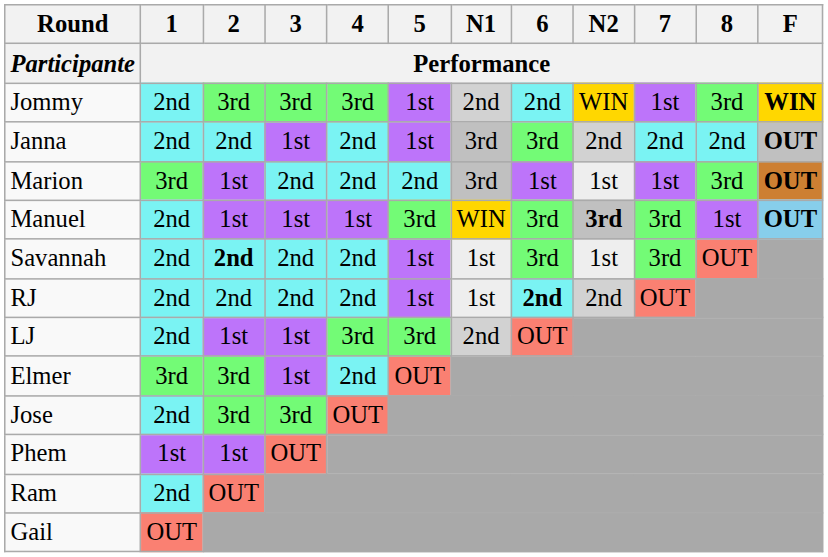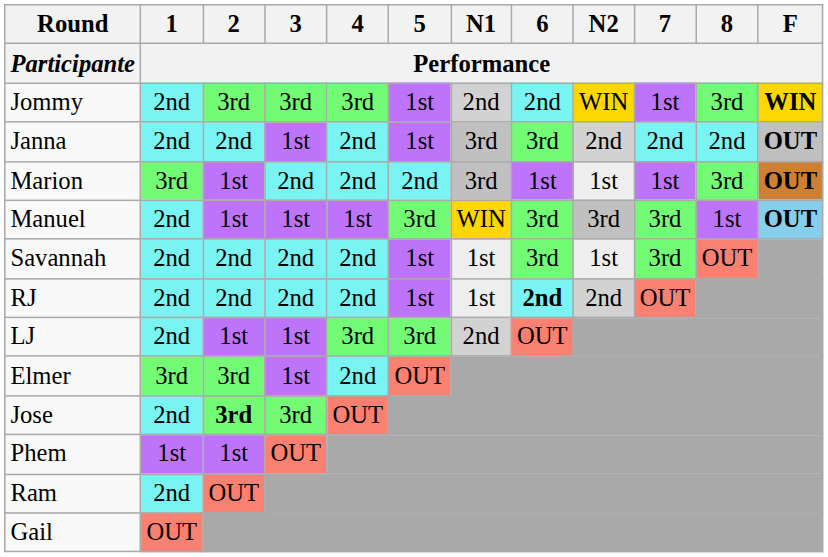 <table class="wikitable">
 <tr>
 <th>Round</th>
 <th>1</th>
 <th>2</th>
 <th>3</th>
 <th>4</th>
 <th>5</th>
 <th>N1</th>
 <th>6</th>
 <th>N2</th>
 <th>7</th>
 <th>8</th>
 <th>F</th>
 </tr>
 <tr>
 <th><em>Participante</em></th>
 <th colspan="11">Performance</th>
 </tr>
 <tr>
 <td>Jommy</td>
 <td style="background:#7AF3F3; text-align:center">2nd</td>
 <td style="background:#73FB76; text-align:center">3rd</td>
 <td style="background:#73FB76; text-align:center">3rd</td>
 <td style="background:#73FB76; text-align:center">3rd</td>
 <td style="background:#BD74FA; text-align:center">1st</td>
 <td style="background:#D2D2D2; text-align:center">2nd</td>
 <td style="background:#7AF3F3; text-align:center">2nd</td>
 <td style="background:gold; text-align:center">WIN</td>
 <td style="background:#BD74FA; text-align:center">1st</td>
 <td style="background:#73FB76; text-align:center">3rd</td>
 <td style="background:gold; text-align:center"><strong>WIN</strong></td>
 </tr>
 <tr>
 <td>Janna</td>
 <td style="background:#7AF3F3; text-align:center">2nd</td>
 <td style="background:#7AF3F3; text-align:center">2nd</td>
 <td style="background:#BD74FA; text-align:center">1st</td>
 <td style="background:#7AF3F3; text-align:center">2nd</td>
 <td style="background:#BD74FA; text-align:center">1st</td>
 <td style="background:silver; text-align:center">3rd</td>
 <td style="background:#73FB76; text-align:center">3rd</td>
 <td style="background:#D2D2D2; text-align:center">2nd</td>
 <td style="background:#7AF3F3; text-align:center">2nd</td>
 <td style="background:#7AF3F3; text-align:center">2nd</td>
 <td style="background:silver; text-align:center"><strong>OUT</strong></td>
 </tr>
 <tr>
 <td>Marion</td>
 <td style="background:#73FB76; text-align:center">3rd</td>
 <td style="background:#BD74FA; text-align:center">1st</td>
 <td style="background:#7AF3F3; text-align:center">2nd</td>
 <td style="background:#7AF3F3; text-align:center">2nd</td>
 <td style="background:#7AF3F3; text-align:center">2nd</td>
 <td style="background:silver; text-align:center">3rd</td>
 <td style="background:#BD74FA; text-align:center">1st</td>
 <td style="background:#eee; text-align:center;">1st</td>
 <td style="background:#BD74FA; text-align:center">1st</td>
 <td style="background:#73FB76; text-align:center">3rd</td>
 <td style="background:#CD7F32; text-align:center"><strong>OUT</strong></td>
 </tr>
 <tr>
 <td>Manuel</td>
 <td style="background:#7AF3F3; text-align:center">2nd</td>
 <td style="background:#BD74FA; text-align:center">1st</td>
 <td style="background:#BD74FA; text-align:center">1st</td>
 <td style="background:#BD74FA; text-align:center">1st</td>
 <td style="background:#73FB76; text-align:center">3rd</td>
 <td style="background:gold; text-align:center">WIN</td>
 <td style="background:#73FB76; text-align:center">3rd</td>
-<td style="background:silver; text-align:center"><strong>3rd</strong></td>
+<td style="background:silver; text-align:center">3rd</td>
 <td style="background:#73FB76; text-align:center">3rd</td>
 <td style="background:#BD74FA; text-align:center">1st</td>
 <td style="background:skyblue; text-align:center"><strong>OUT</strong></td>
 </tr>
 <tr>
 <td>Savannah</td>
 <td style="background:#7AF3F3; text-align:center">2nd</td>
-<td style="background:#7AF3F3; text-align:center"><strong>2nd</strong></td>
+<td style="background:#7AF3F3; text-align:center">2nd</td>
 <td style="background:#7AF3F3; text-align:center">2nd</td>
 <td style="background:#7AF3F3; text-align:center">2nd</td>
 <td style="background:#BD74FA; text-align:center">1st</td>
 <td style="background:#eee; text-align:center;">1st</td>
 <td style="background:#73FB76; text-align:center">3rd</td>
 <td style="background:#eee; text-align:center;">1st</td>
 <td style="background:#73FB76; text-align:center">3rd</td>
 <td style="background:salmon; text-align:center;">OUT</td>
 <td style="background:darkgrey; text-align:center;"> </td>
 </tr>
 <tr>
 <td>RJ</td>
 <td style="background:#7AF3F3; text-align:center">2nd</td>
 <td style="background:#7AF3F3; text-align:center">2nd</td>
 <td style="background:#7AF3F3; text-align:center">2nd</td>
 <td style="background:#7AF3F3; text-align:center">2nd</td>
 <td style="background:#BD74FA; text-align:center">1st</td>
 <td style="background:#eee; text-align:center;">1st</td>
 <td style="background:#7AF3F3; text-align:center"><strong>2nd</strong></td>
 <td style="background:#D2D2D2; text-align:center">2nd</td>
 <td style="background:salmon; text-align:center;">OUT</td>
 <td style="background:darkgrey; text-align:center;" colspan="3"> </td>
 </tr>
 <tr>
 <td>LJ</td>
 <td style="background:#7AF3F3; text-align:center">2nd</td>
 <td style="background:#BD74FA; text-align:center">1st</td>
 <td style="background:#BD74FA; text-align:center">1st</td>
 <td style="background:#73FB76; text-align:center">3rd</td>
 <td style="background:#73FB76; text-align:center">3rd</td>
 <td style="background:#D2D2D2; text-align:center">2nd</td>
 <td style="background:salmon; text-align:center;">OUT</td>
 <td style="background:darkgrey; text-align:center;" colspan="5"> </td>
 </tr>
 <tr>
 <td>Elmer</td>
 <td style="background:#73FB76; text-align:center">3rd</td>
 <td style="background:#73FB76; text-align:center">3rd</td>
 <td style="background:#BD74FA; text-align:center">1st</td>
 <td style="background:#7AF3F3; text-align:center">2nd</td>
 <td style="background:salmon; text-align:center;">OUT</td>
 <td style="background:darkgrey; text-align:center;" colspan="7"> </td>
 </tr>
 <tr>
 <td>Jose</td>
 <td style="background:#7AF3F3; text-align:center">2nd</td>
-<td style="background:#73FB76; text-align:center">3rd</td>
+<td style="background:#73FB76; text-align:center"><strong>3rd</strong></td>
 <td style="background:#73FB76; text-align:center">3rd</td>
 <td style="background:salmon; text-align:center;">OUT</td>
 <td style="background:darkgrey; text-align:center;" colspan="8"> </td>
 </tr>
 <tr>
 <td>Phem</td>
 <td style="background:#BD74FA; text-align:center">1st</td>
 <td style="background:#BD74FA; text-align:center">1st</td>
 <td style="background:salmon; text-align:center;">OUT</td>
 <td style="background:darkgrey; text-align:center;" colspan="9"> </td>
 </tr>
 <tr>
 <td>Ram</td>
 <td style="background:#7AF3F3; text-align:center">2nd</td>
 <td style="background:salmon; text-align:center;">OUT</td>
 <td style="background:darkgrey; text-align:center;" colspan="10"> </td>
 </tr>
 <tr>
 <td>Gail</td>
 <td style="background:salmon; text-align:center;">OUT</td>
 <td style="background:darkgrey; text-align:center;" colspan="11"> </td>
 </tr>
 </table>
